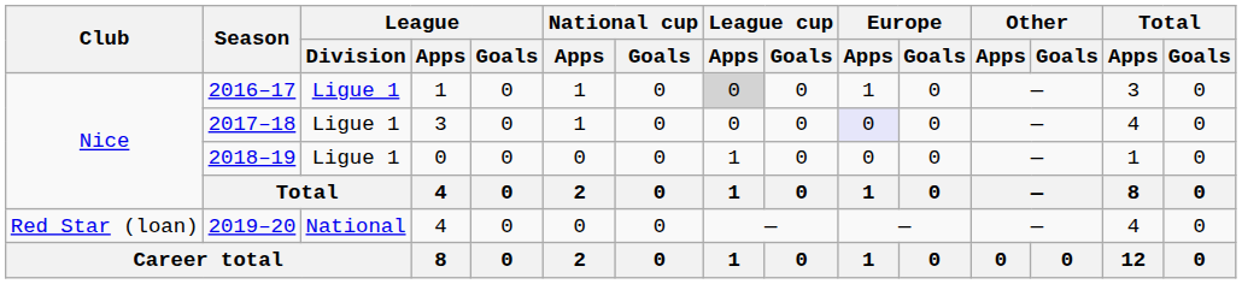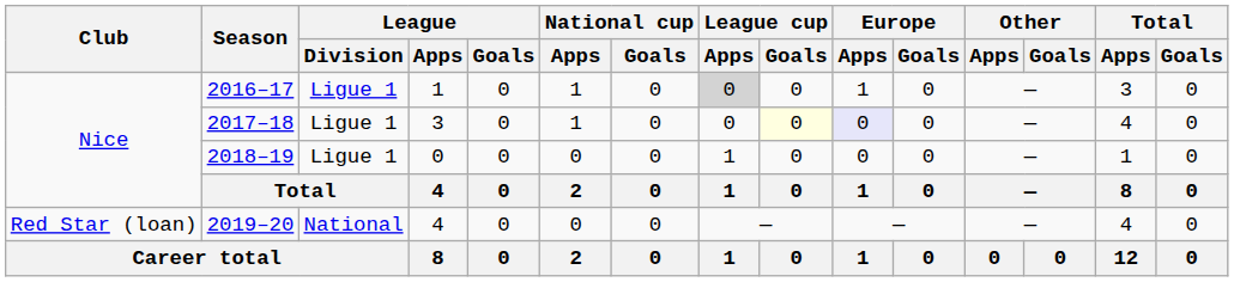 <table class="wikitable" style="text-align:center">
 <tr>
 <th rowspan="2">Club</th>
 <th rowspan="2">Season</th>
 <th colspan="3">League</th>
 <th colspan="2">National cup</th>
 <th colspan="2">League cup</th>
 <th colspan="2">Europe</th>
 <th colspan="2">Other</th>
 <th colspan="2">Total</th>
 </tr>
 <tr>
 <th>Division</th>
 <th>Apps</th>
 <th>Goals</th>
 <th>Apps</th>
 <th>Goals</th>
 <th>Apps</th>
 <th>Goals</th>
 <th>Apps</th>
 <th>Goals</th>
 <th>Apps</th>
 <th>Goals</th>
 <th>Apps</th>
 <th>Goals</th>
 </tr>
 <tr>
 <td rowspan="4"><a href='#'>Nice</a></td>
 <td><a href='#'>2016–17</a></td>
 <td><a href='#'>Ligue 1</a></td>
 <td>1</td>
 <td>0</td>
 <td>1</td>
 <td>0</td>
 <td style="background: lightgrey;">0</td>
 <td>0</td>
 <td>1</td>
 <td>0</td>
 <td colspan="2">—</td>
 <td>3</td>
 <td>0</td>
 </tr>
 <tr>
 <td><a href='#'>2017–18</a></td>
 <td>Ligue 1</td>
 <td>3</td>
 <td>0</td>
 <td>1</td>
 <td>0</td>
 <td>0</td>
-<td>0</td>
+<td style="background: lightyellow;">0</td>
 <td style="background: lavender;">0</td>
 <td>0</td>
 <td colspan="2">—</td>
 <td>4</td>
 <td>0</td>
 </tr>
 <tr>
 <td><a href='#'>2018–19</a></td>
 <td>Ligue 1</td>
 <td>0</td>
 <td>0</td>
 <td>0</td>
 <td>0</td>
 <td>1</td>
 <td>0</td>
 <td>0</td>
 <td>0</td>
 <td colspan="2">—</td>
 <td>1</td>
 <td>0</td>
 </tr>
 <tr>
 <th colspan="2">Total</th>
 <th>4</th>
 <th>0</th>
 <th>2</th>
 <th>0</th>
 <th>1</th>
 <th>0</th>
 <th>1</th>
 <th>0</th>
 <th colspan="2">—</th>
 <th>8</th>
 <th>0</th>
 </tr>
 <tr>
 <td><a href='#'>Red Star</a> (loan)</td>
 <td><a href='#'>2019–20</a></td>
 <td><a href='#'>National</a></td>
 <td>4</td>
 <td>0</td>
 <td>0</td>
 <td>0</td>
 <td colspan="2">—</td>
 <td colspan="2">—</td>
 <td colspan="2">—</td>
 <td>4</td>
 <td>0</td>
 </tr>
 <tr>
 <th colspan="3">Career total</th>
 <th>8</th>
 <th>0</th>
 <th>2</th>
 <th>0</th>
 <th>1</th>
 <th>0</th>
 <th>1</th>
 <th>0</th>
 <th>0</th>
 <th>0</th>
 <th>12</th>
 <th>0</th>
 </tr>
 </table>
